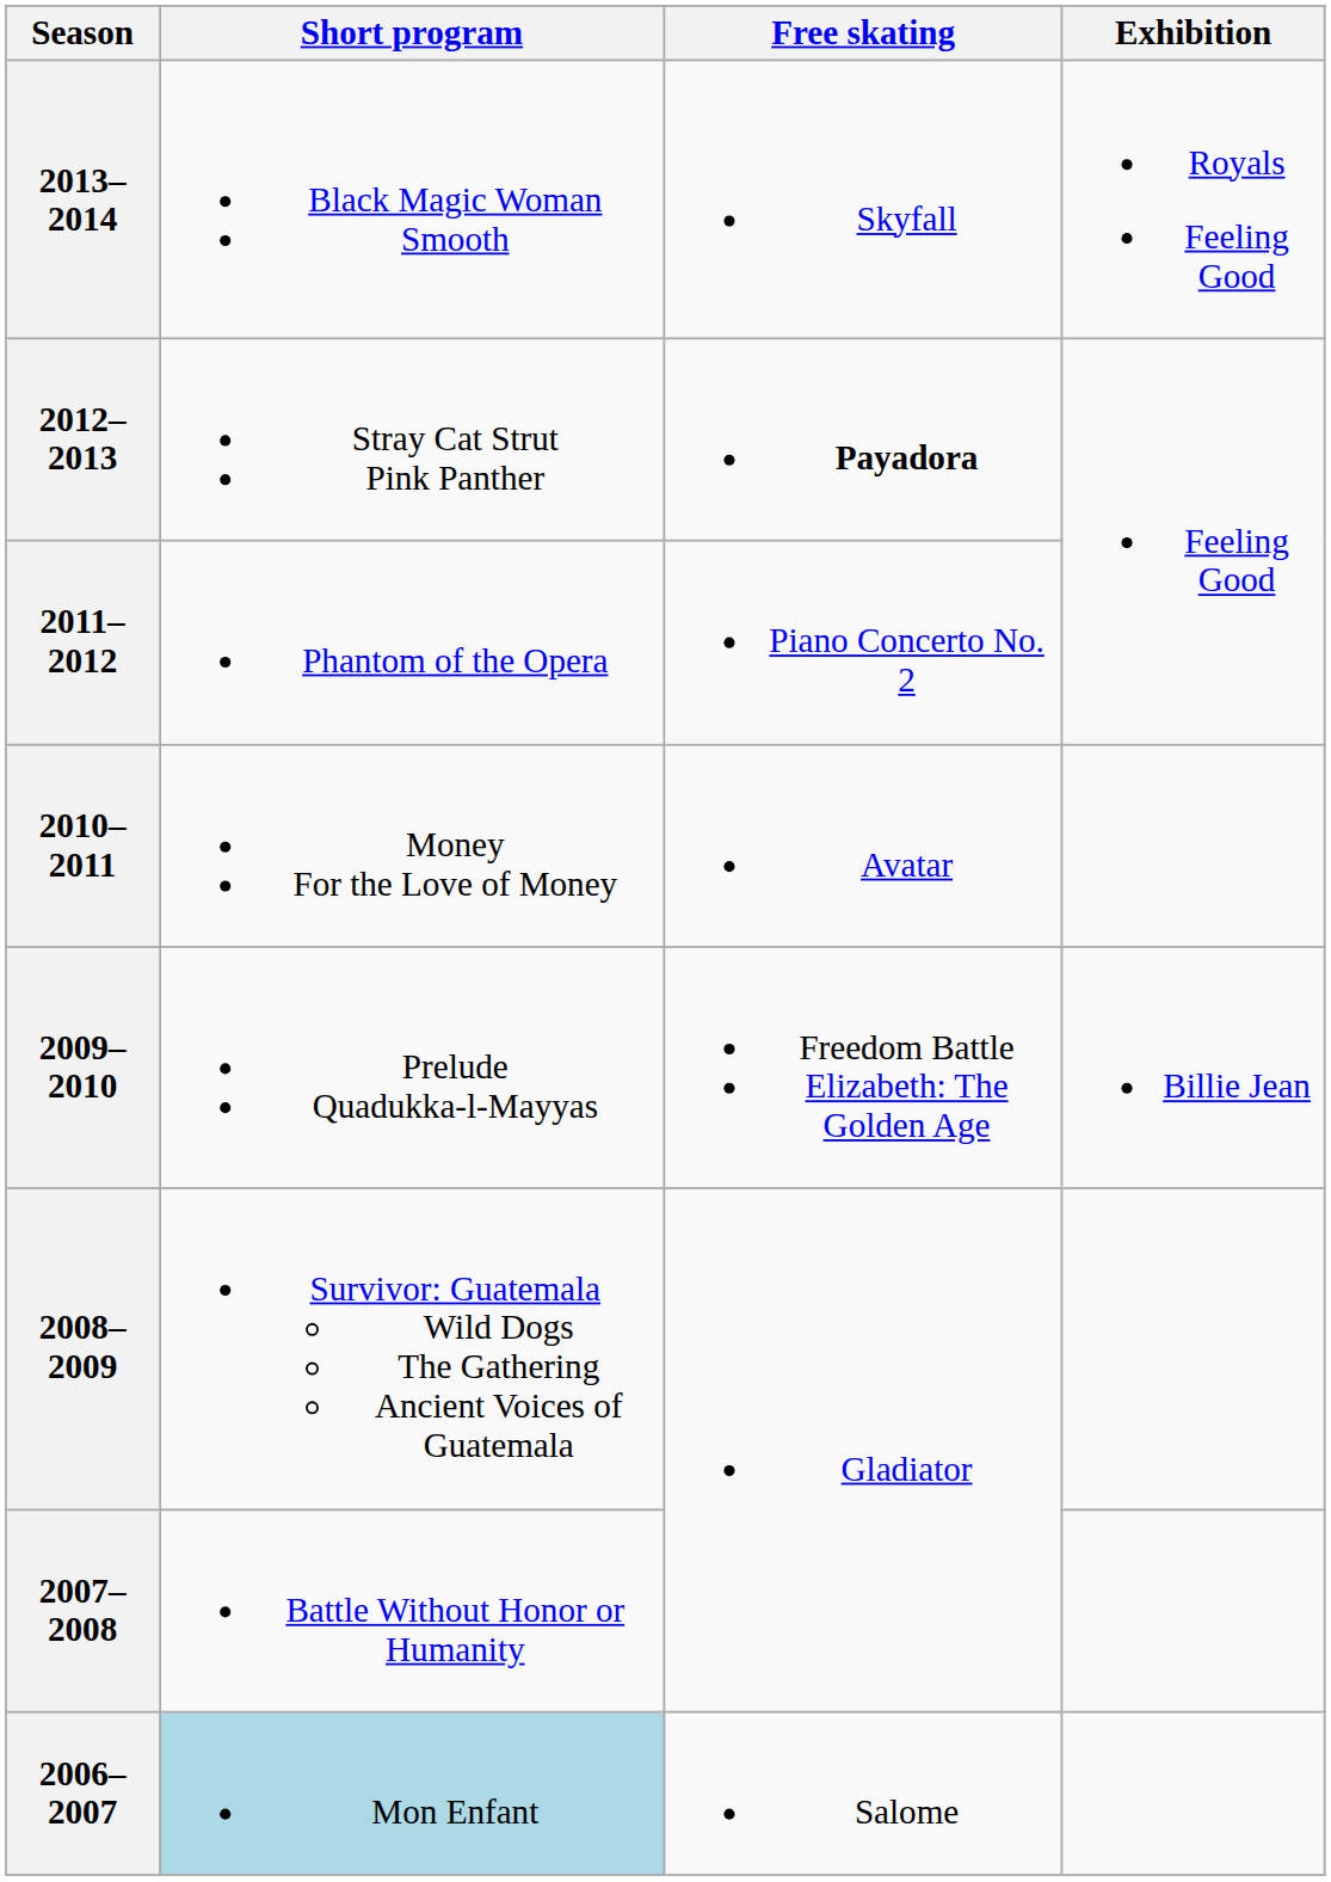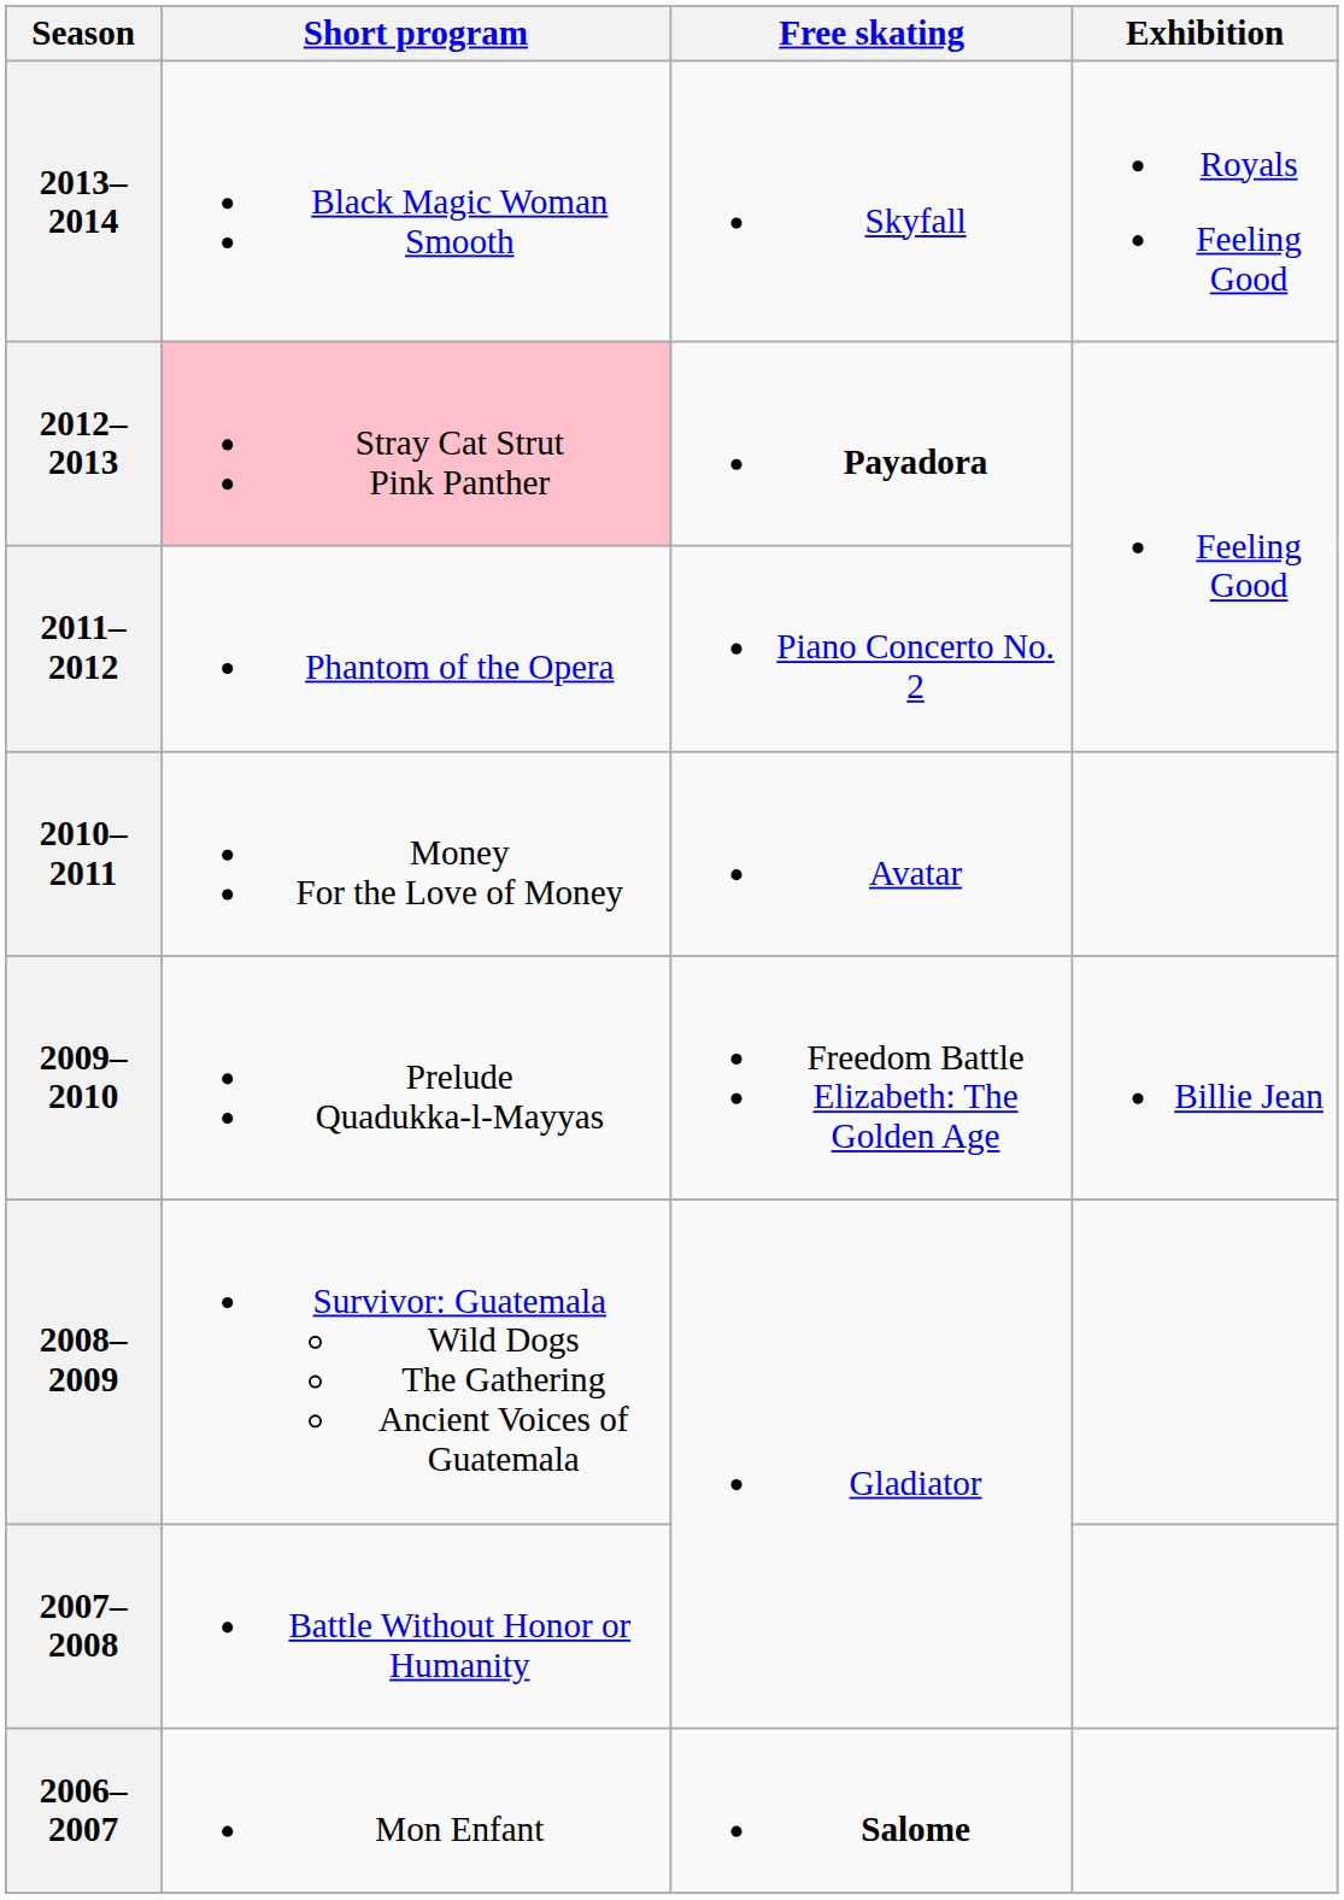 <table class="wikitable" style="text-align:center">
 <tr>
 <th>Season</th>
 <th><a href='#'>Short program</a></th>
 <th><a href='#'>Free skating</a></th>
 <th>Exhibition</th>
 </tr>
 <tr>
 <th>2013–2014 <br></th>
 <td><br><ul><li><a href='#'>Black Magic Woman</a></li><li><a href='#'>Smooth</a> <br></li></ul></td>
 <td><br><ul><li><a href='#'>Skyfall</a> <br></li></ul></td>
 <td><br><ul><li><a href='#'>Royals</a> <br></li></ul><ul><li><a href='#'>Feeling Good</a> <br></li></ul></td>
 </tr>
 <tr>
 <th>2012–2013 <br></th>
-<td><br><ul><li>Stray Cat Strut <br></li><li>Pink Panther <br></li></ul></td>
+<td style="background: pink;"><br><ul><li>Stray Cat Strut <br></li><li>Pink Panther <br></li></ul></td>
 <td><strong><br><ul><li>Payadora <br></li></ul></strong></td>
 <td rowspan=2><br><ul><li><a href='#'>Feeling Good</a> <br></li></ul></td>
 </tr>
 <tr>
 <th>2011–2012 <br></th>
 <td><br><ul><li><a href='#'>Phantom of the Opera</a> <br></li></ul></td>
 <td><br><ul><li><a href='#'>Piano Concerto No. 2</a> <br></li></ul></td>
 </tr>
 <tr>
 <th>2010–2011 <br></th>
 <td><br><ul><li>Money <br></li><li>For the Love of Money <br></li></ul></td>
 <td><br><ul><li><a href='#'>Avatar</a> <br></li></ul></td>
 <td></td>
 </tr>
 <tr>
 <th>2009–2010 <br></th>
 <td><br><ul><li>Prelude</li><li>Quadukka-l-Mayyas <br></li></ul></td>
 <td><br><ul><li>Freedom Battle <br></li><li><a href='#'>Elizabeth: The Golden Age</a> <br></li></ul></td>
 <td><br><ul><li><a href='#'>Billie Jean</a> <br></li></ul></td>
 </tr>
 <tr>
 <th>2008–2009 <br></th>
 <td><br><ul><li><a href='#'>Survivor: Guatemala</a> <br><ul><li>Wild Dogs</li><li>The Gathering</li><li>Ancient Voices of Guatemala</li></ul></li></ul></td>
 <td rowspan=2><br><ul><li><a href='#'>Gladiator</a> <br></li></ul></td>
 <td></td>
 </tr>
 <tr>
 <th>2007–2008 <br></th>
 <td><br><ul><li><a href='#'>Battle Without Honor or Humanity</a> <br></li></ul></td>
 <td></td>
 </tr>
 <tr>
 <th>2006–2007 <br></th>
-<td style="background: lightblue;"><br><ul><li>Mon Enfant <br></li></ul></td>
-<td><br><ul><li>Salome <br></li></ul></td>
+<td><br><ul><li>Mon Enfant <br></li></ul></td>
+<td><strong><br><ul><li>Salome <br></li></ul></strong></td>
 <td></td>
 </tr>
 </table>
